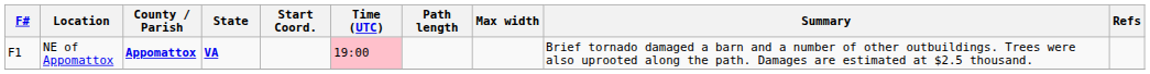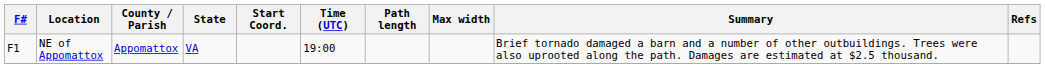 <table class="wikitable sortable" style="width:100%;">
 <tr>
 <th scope="col"  style="width:3%; text-align:center;"><a href='#'>F#</a></th>
 <th scope="col"  style="width:7%; text-align:center;" class="unsortable">Location</th>
 <th scope="col"  style="width:6%; text-align:center;" class="unsortable">County / Parish</th>
 <th scope="col"  style="width:5%; text-align:center;">State</th>
 <th scope="col"  style="width:6%; text-align:center;">Start Coord.</th>
 <th scope="col"  style="width:6%; text-align:center;">Time (<a href='#'>UTC</a>)</th>
 <th scope="col"  style="width:6%; text-align:center;">Path length</th>
 <th scope="col"  style="width:6%; text-align:center;">Max width</th>
 <th scope="col" class="unsortable" style="width:48%; text-align:center;">Summary</th>
 <th scope="col" class="unsortable" style="width:3%; text-align:center;">Refs</th>
 </tr>
 <tr>
 <td bgcolor=>F1</td>
 <td>NE of <a href='#'>Appomattox</a></td>
-<td><strong><a href='#'>Appomattox</a></strong></td>
-<td><strong><a href='#'>VA</a></strong></td>
+<td><a href='#'>Appomattox</a></td>
+<td><a href='#'>VA</a></td>
 <td></td>
-<td style="background: pink;">19:00</td>
+<td>19:00</td>
 <td></td>
 <td></td>
 <td>Brief tornado damaged a barn and a number of other outbuildings. Trees were also uprooted along the path. Damages are estimated at $2.5 thousand.</td>
 <td></td>
 </tr>
 <tr>
 </tr>
 </table>
